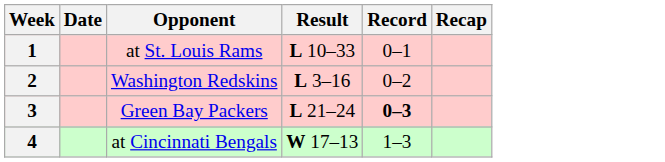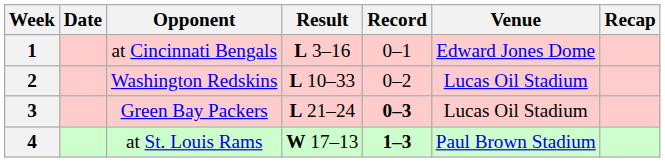 <table class="wikitable" style="text-align:center">
 <tr>
 <th>Week</th>
 <th>Date</th>
 <th>Opponent</th>
 <th>Result</th>
 <th>Record</th>
+<th>Venue</th>
 <th>Recap</th>
 </tr>
 <tr style="background:#fcc">
 <th>1</th>
 <td></td>
-<td>at <a href='#'>St. Louis Rams</a></td>
-<td><strong>L</strong> 10–33</td>
+<td>at <a href='#'>Cincinnati Bengals</a></td>
+<td><strong>L</strong> 3–16</td>
 <td>0–1</td>
+<td><a href='#'>Edward Jones Dome</a></td>
 <td></td>
 </tr>
 <tr style="background:#fcc">
 <th>2</th>
 <td></td>
 <td><a href='#'>Washington Redskins</a></td>
-<td><strong>L</strong> 3–16</td>
+<td><strong>L</strong> 10–33</td>
 <td>0–2</td>
+<td><a href='#'>Lucas Oil Stadium</a></td>
 <td></td>
 </tr>
 <tr style="background:#fcc">
 <th>3</th>
 <td></td>
 <td><a href='#'>Green Bay Packers</a></td>
 <td><strong>L</strong> 21–24</td>
 <td><strong>0–3</strong></td>
+<td>Lucas Oil Stadium</td>
 <td></td>
 </tr>
 <tr style="background:#cfc">
 <th>4</th>
 <td></td>
-<td>at <a href='#'>Cincinnati Bengals</a></td>
+<td>at <a href='#'>St. Louis Rams</a></td>
 <td><strong>W</strong> 17–13</td>
-<td>1–3</td>
+<td><strong>1–3</strong></td>
+<td><a href='#'>Paul Brown Stadium</a></td>
 <td></td>
 </tr>
 </table>
